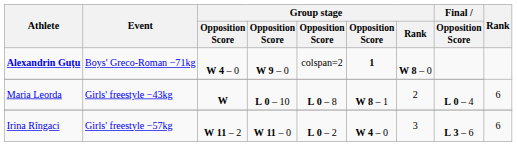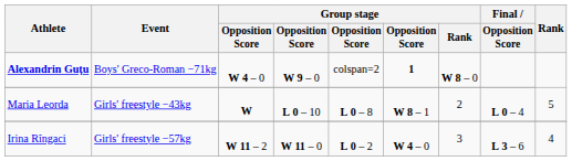 <table class="wikitable" style="font-size:90%">
 <tr>
 <th rowspan=2>Athlete</th>
 <th rowspan=2>Event</th>
 <th colspan=5>Group stage</th>
 <th>Final / </th>
 <th rowspan=2>Rank</th>
 </tr>
 <tr style="font-size:95%">
 <th>Opposition<br>Score</th>
 <th>Opposition<br>Score</th>
 <th>Opposition<br>Score</th>
 <th>Opposition<br>Score</th>
 <th>Rank</th>
 <th>Opposition<br>Score</th>
 </tr>
 <tr align=center>
 <td align=left><strong><a href='#'>Alexandrin Guţu</a></strong></td>
 <td align=left><a href='#'>Boys' Greco-Roman −71kg</a></td>
 <td><br><strong>W</strong> <strong>4</strong> – 0 <sup></sup></td>
 <td><br><strong>W</strong> <strong>9</strong> – 0 <sup></sup></td>
 <td>colspan=2 </td>
 <td><strong>1 </strong></td>
 <td><br><strong>W</strong> <strong>8</strong> – 0 <sup></sup></td>
 <td></td>
 </tr>
 <tr>
 </tr>
 <tr align=center>
 <td align=left><a href='#'>Maria Leorda</a></td>
 <td align=left><a href='#'>Girls' freestyle −43kg</a></td>
 <td><br><strong>W</strong> <strong></strong></td>
 <td><br><strong>L</strong> <strong>0</strong> – 10 <sup></sup></td>
 <td><br><strong>L</strong> <strong>0</strong> – 8 <sup></sup></td>
 <td><br><strong>W</strong> <strong>8</strong> – 1 <sup></sup></td>
 <td>2 </td>
 <td><br><strong>L</strong> <strong>0</strong> – 4 <sup></sup></td>
-<td>6</td>
+<td>5</td>
 </tr>
 <tr>
 </tr>
 <tr align=center>
 <td align=left><a href='#'>Irina Rîngaci</a></td>
 <td align=left><a href='#'>Girls' freestyle −57kg</a></td>
 <td><br><strong>W</strong> <strong>11</strong> – 2 <sup></sup></td>
 <td><br><strong>W</strong> <strong>11</strong> – 0 <sup></sup></td>
 <td><br><strong>L</strong> <strong>0</strong> – 2 <sup></sup></td>
 <td><br><strong>W</strong> <strong>4</strong> – 0 <sup></sup></td>
 <td>3 </td>
 <td><br><strong>L</strong> <strong>3</strong> – 6 <sup></sup></td>
-<td>6</td>
+<td>4</td>
 </tr>
 </table>
